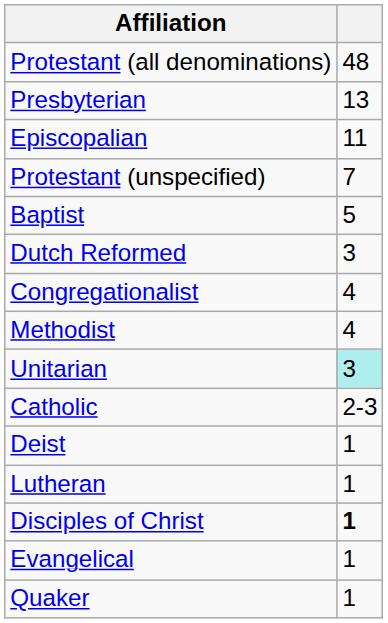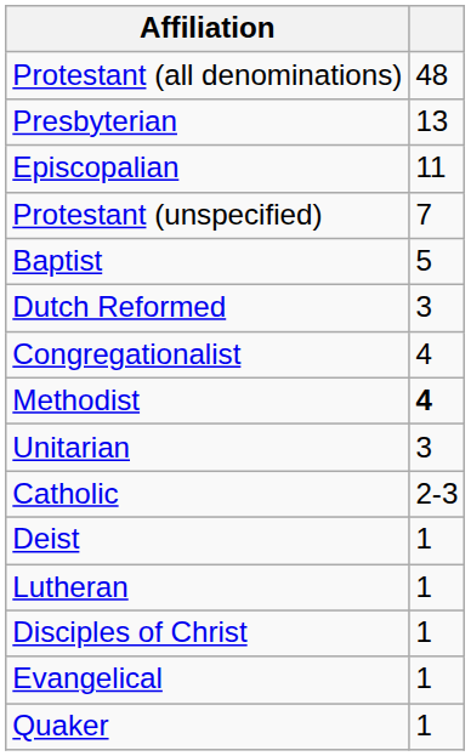 <table class="wikitable sortable">
 <tr>
 <th>Affiliation</th>
 <th></th>
 </tr>
 <tr>
 <td><a href='#'>Protestant</a> (all denominations)</td>
 <td>48</td>
 </tr>
 <tr>
 <td><a href='#'>Presbyterian</a></td>
 <td>13</td>
 </tr>
 <tr>
 <td><a href='#'>Episcopalian</a></td>
 <td>11</td>
 </tr>
 <tr>
 <td><a href='#'>Protestant</a> (unspecified)</td>
 <td>7</td>
 </tr>
 <tr>
 <td><a href='#'>Baptist</a></td>
 <td>5</td>
 </tr>
 <tr>
 <td><a href='#'>Dutch Reformed</a></td>
 <td>3</td>
 </tr>
 <tr>
 <td><a href='#'>Congregationalist</a></td>
 <td>4</td>
 </tr>
 <tr>
 <td><a href='#'>Methodist</a></td>
-<td>4</td>
+<td><strong>4</strong></td>
 </tr>
 <tr>
 <td><a href='#'>Unitarian</a></td>
-<td style="background: paleturquoise;">3</td>
+<td>3</td>
 </tr>
 <tr>
 <td><a href='#'>Catholic</a></td>
 <td>2-3</td>
 </tr>
 <tr>
 <td><a href='#'>Deist</a></td>
 <td>1</td>
 </tr>
 <tr>
 <td><a href='#'>Lutheran</a></td>
 <td>1</td>
 </tr>
 <tr>
 <td><a href='#'>Disciples of Christ</a></td>
-<td><strong>1</strong></td>
+<td>1</td>
 </tr>
 <tr>
 <td><a href='#'>Evangelical</a></td>
 <td>1</td>
 </tr>
 <tr>
 <td><a href='#'>Quaker</a></td>
 <td>1</td>
 </tr>
 </table>
